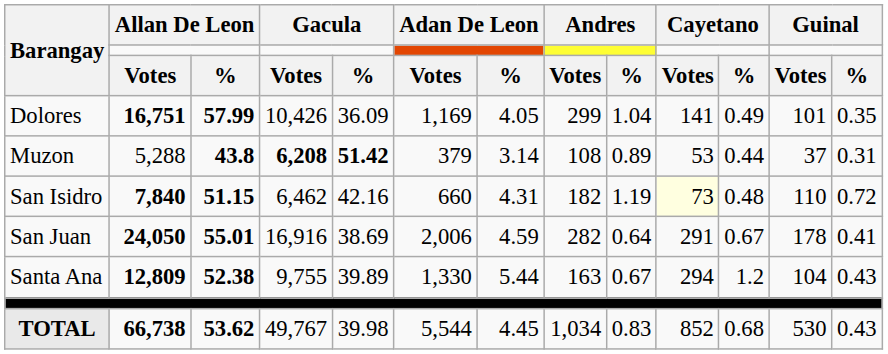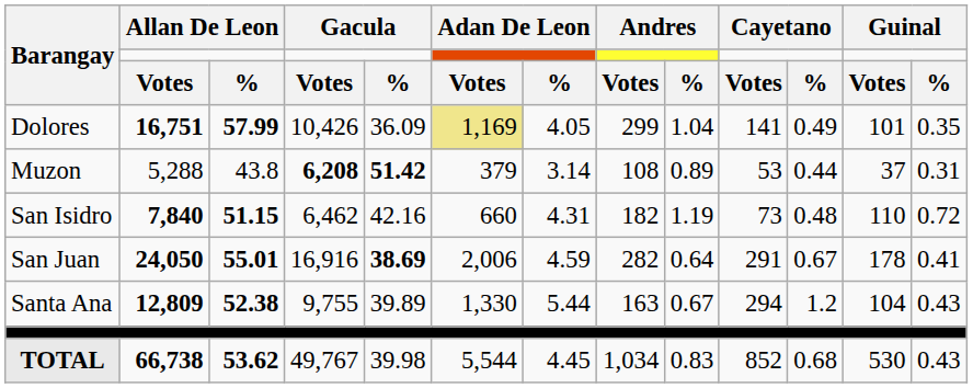 <table class="wikitable collapsible collapsed" style="text-align:right; font-size:95%; line-height:20px;">
 <tr>
 <th rowspan="3">Barangay</th>
 <th colspan="2">Allan De Leon</th>
 <th colspan="2">Gacula</th>
 <th colspan="2">Adan De Leon</th>
 <th colspan="2">Andres</th>
 <th colspan="2">Cayetano</th>
 <th colspan="2">Guinal</th>
 </tr>
 <tr>
 <td colspan="2" style="background:"></td>
 <td colspan="2" style="background:"></td>
 <td colspan="2" style="background:#E34602;"></td>
 <td colspan="2" style="background:#fefe33;"></td>
 <td colspan="2" style="background:"></td>
 <td colspan="2" style="background:"></td>
 </tr>
 <tr>
 <th>Votes</th>
 <th>%</th>
 <th>Votes</th>
 <th>%</th>
 <th>Votes</th>
 <th>%</th>
 <th>Votes</th>
 <th>%</th>
 <th>Votes</th>
 <th>%</th>
 <th>Votes</th>
 <th>%</th>
 </tr>
 <tr>
 <td align="left">Dolores</td>
 <td style="background:"><strong>16,751</strong></td>
 <td style="background:"><strong>57.99</strong></td>
 <td>10,426</td>
 <td>36.09</td>
-<td>1,169</td>
+<td style="background: khaki;">1,169</td>
 <td>4.05</td>
 <td>299</td>
 <td>1.04</td>
 <td>141</td>
 <td>0.49</td>
 <td>101</td>
 <td>0.35</td>
 </tr>
 <tr>
 <td align="left">Muzon</td>
 <td>5,288</td>
-<td><strong>43.8</strong></td>
+<td>43.8</td>
 <td style="background:"><strong>6,208</strong></td>
 <td style="background:"><strong>51.42</strong></td>
 <td>379</td>
 <td>3.14</td>
 <td>108</td>
 <td>0.89</td>
 <td>53</td>
 <td>0.44</td>
 <td>37</td>
 <td>0.31</td>
 </tr>
 <tr>
 <td align="left">San Isidro</td>
 <td style="background:"><strong>7,840</strong></td>
 <td style="background:"><strong>51.15</strong></td>
 <td>6,462</td>
 <td>42.16</td>
 <td>660</td>
 <td>4.31</td>
 <td>182</td>
 <td>1.19</td>
-<td style="background: lightyellow;">73</td>
+<td>73</td>
 <td>0.48</td>
 <td>110</td>
 <td>0.72</td>
 </tr>
 <tr>
 <td align="left">San Juan</td>
 <td style="background:"><strong>24,050</strong></td>
 <td style="background:"><strong>55.01</strong></td>
 <td>16,916</td>
-<td>38.69</td>
+<td><strong>38.69</strong></td>
 <td>2,006</td>
 <td>4.59</td>
 <td>282</td>
 <td>0.64</td>
 <td>291</td>
 <td>0.67</td>
 <td>178</td>
 <td>0.41</td>
 </tr>
 <tr>
 <td align="left">Santa Ana</td>
 <td style="background:"><strong>12,809</strong></td>
 <td style="background:"><strong>52.38</strong></td>
 <td>9,755</td>
 <td>39.89</td>
 <td>1,330</td>
 <td>5.44</td>
 <td>163</td>
 <td>0.67</td>
 <td>294</td>
 <td>1.2</td>
 <td>104</td>
 <td>0.43</td>
 </tr>
 <tr>
 <td colspan=13 bgcolor=black></td>
 </tr>
 <tr>
 <td style="background:#E9E9E9;" align="center"><strong>TOTAL</strong></td>
 <td style="background:"><strong>66,738</strong></td>
 <td style="background:"><strong>53.62</strong></td>
 <td>49,767</td>
 <td>39.98</td>
 <td>5,544</td>
 <td>4.45</td>
 <td>1,034</td>
 <td>0.83</td>
 <td>852</td>
 <td>0.68</td>
 <td>530</td>
 <td>0.43</td>
 </tr>
 </table>
